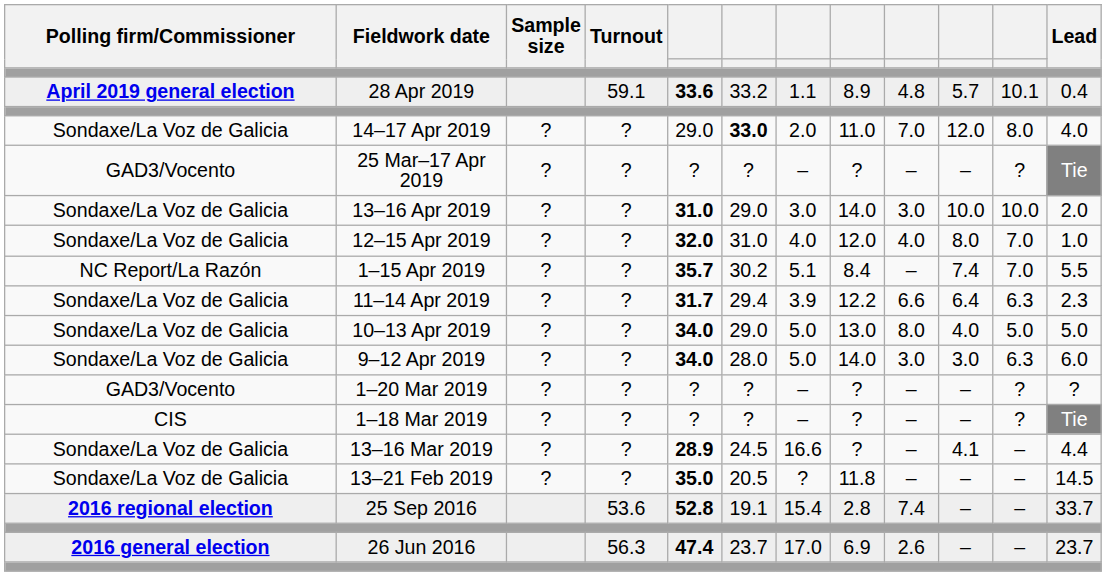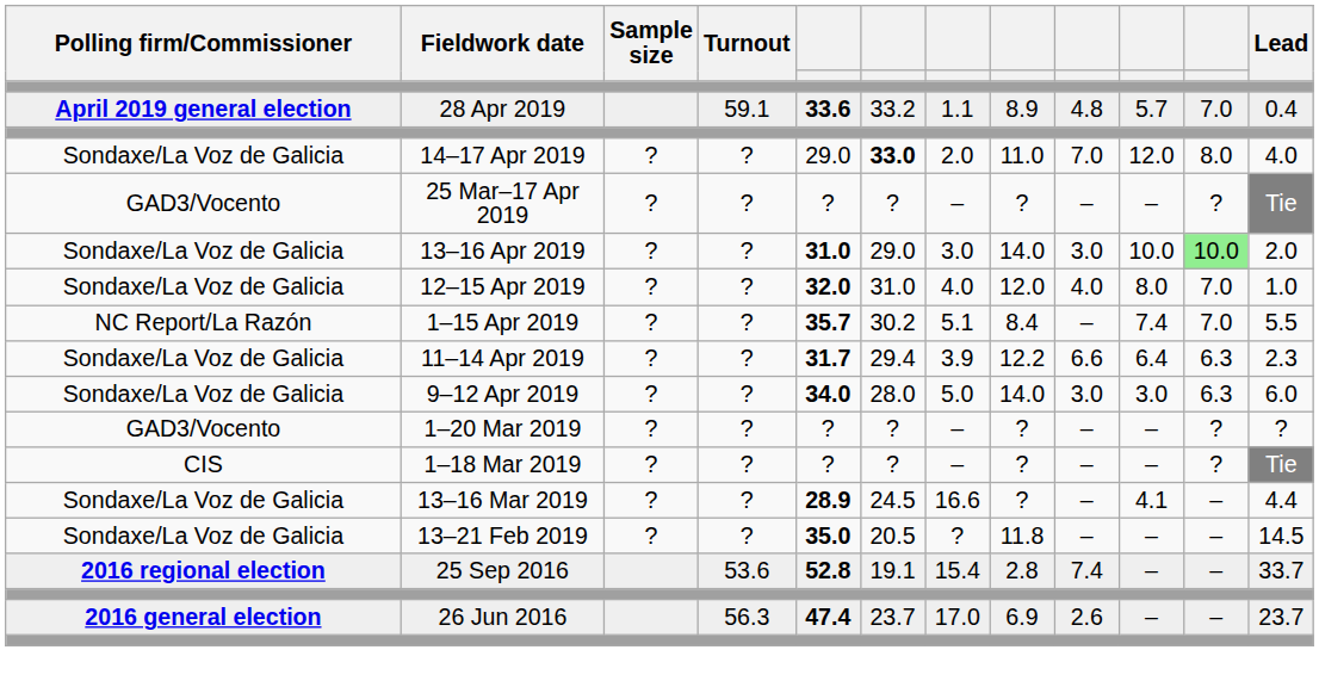 <table class="wikitable collapsible collapsed" style="text-align:center; font-size:95%; line-height:16px;">
 <tr style="height:42px;">
 <th style="width:250px;" rowspan="2">Polling firm/Commissioner</th>
 <th style="width:125px;" rowspan="2">Fieldwork date</th>
 <th style="width:50px;" rowspan="2">Sample size</th>
 <th style="width:45px;" rowspan="2">Turnout</th>
 <th style="width:35px;"></th>
 <th style="width:35px;"></th>
 <th style="width:35px;"></th>
 <th style="width:35px;"></th>
 <th style="width:35px;"></th>
 <th style="width:35px;"></th>
 <th style="width:35px;"></th>
 <th style="width:30px;" rowspan="2">Lead</th>
 </tr>
 <tr>
 <th style="color:inherit;background:"></th>
 <th style="color:inherit;background:"></th>
 <th style="color:inherit;background:"></th>
 <th style="color:inherit;background:"></th>
 <th style="color:inherit;background:"></th>
 <th style="color:inherit;background:"></th>
 <th style="color:inherit;background:"></th>
 </tr>
 <tr>
 <td colspan="12" style="background:#A0A0A0"></td>
 </tr>
 <tr style="background:#EFEFEF;">
 <td><strong><a href='#'>April 2019 general election</a></strong></td>
 <td>28 Apr 2019</td>
 <td></td>
 <td>59.1</td>
 <td><strong>33.6</strong><br></td>
 <td>33.2<br></td>
 <td>1.1<br></td>
 <td>8.9<br></td>
 <td>4.8<br></td>
 <td>5.7<br></td>
-<td>10.1<br></td>
+<td>7.0<br></td>
 <td style="background:">0.4</td>
 </tr>
 <tr>
 <td colspan="12" style="background:#A0A0A0"></td>
 </tr>
 <tr>
 <td>Sondaxe/La Voz de Galicia</td>
 <td>14–17 Apr 2019</td>
 <td>?</td>
 <td>?</td>
 <td>29.0<br></td>
 <td><strong>33.0</strong><br></td>
 <td>2.0<br></td>
 <td>11.0<br></td>
 <td>7.0<br></td>
 <td>12.0<br></td>
 <td>8.0<br></td>
 <td style="background:">4.0</td>
 </tr>
 <tr>
 <td>GAD3/Vocento</td>
 <td>25 Mar–17 Apr 2019</td>
 <td>?</td>
 <td>?</td>
 <td>?<br></td>
 <td>?<br></td>
 <td>–</td>
 <td>?<br></td>
 <td>–</td>
 <td>–</td>
 <td>?<br></td>
 <td style="background:gray;color:white;">Tie</td>
 </tr>
 <tr>
 <td>Sondaxe/La Voz de Galicia</td>
 <td>13–16 Apr 2019</td>
 <td>?</td>
 <td>?</td>
 <td><strong>31.0</strong><br></td>
 <td>29.0<br></td>
 <td>3.0<br></td>
 <td>14.0<br></td>
 <td>3.0<br></td>
 <td>10.0<br></td>
-<td>10.0<br></td>
+<td style="background: lightgreen;">10.0<br></td>
 <td style="background:">2.0</td>
 </tr>
 <tr>
 <td>Sondaxe/La Voz de Galicia</td>
 <td>12–15 Apr 2019</td>
 <td>?</td>
 <td>?</td>
 <td><strong>32.0</strong><br></td>
 <td>31.0<br></td>
 <td>4.0<br></td>
 <td>12.0<br></td>
 <td>4.0<br></td>
 <td>8.0<br></td>
 <td>7.0<br></td>
 <td style="background:">1.0</td>
 </tr>
 <tr>
 <td>NC Report/La Razón</td>
 <td>1–15 Apr 2019</td>
 <td>?</td>
 <td>?</td>
 <td><strong>35.7</strong><br></td>
 <td>30.2<br></td>
 <td>5.1<br></td>
 <td>8.4<br></td>
 <td>–</td>
 <td>7.4<br></td>
 <td>7.0<br></td>
 <td style="background:">5.5</td>
 </tr>
 <tr>
 <td>Sondaxe/La Voz de Galicia</td>
 <td>11–14 Apr 2019</td>
 <td>?</td>
 <td>?</td>
 <td><strong>31.7</strong><br></td>
 <td>29.4<br></td>
 <td>3.9<br></td>
 <td>12.2<br></td>
 <td>6.6<br></td>
 <td>6.4<br></td>
 <td>6.3<br></td>
 <td style="background:">2.3</td>
-</tr>
-<tr>
-<td>Sondaxe/La Voz de Galicia</td>
-<td>10–13 Apr 2019</td>
-<td>?</td>
-<td>?</td>
-<td><strong>34.0</strong><br></td>
-<td>29.0<br></td>
-<td>5.0<br></td>
-<td>13.0<br></td>
-<td>8.0<br></td>
-<td>4.0<br></td>
-<td>5.0<br></td>
-<td style="background:">5.0</td>
 </tr>
 <tr>
 <td>Sondaxe/La Voz de Galicia</td>
 <td>9–12 Apr 2019</td>
 <td>?</td>
 <td>?</td>
 <td><strong>34.0</strong><br></td>
 <td>28.0<br></td>
 <td>5.0<br></td>
 <td>14.0<br></td>
 <td>3.0<br></td>
 <td>3.0<br></td>
 <td>6.3<br></td>
 <td style="background:">6.0</td>
 </tr>
 <tr>
 <td>GAD3/Vocento</td>
 <td>1–20 Mar 2019</td>
 <td>?</td>
 <td>?</td>
 <td>?<br></td>
 <td>?<br></td>
 <td>–</td>
 <td>?<br></td>
 <td>–</td>
 <td>–</td>
 <td>?<br></td>
 <td style="background:">?</td>
 </tr>
 <tr>
 <td>CIS</td>
 <td>1–18 Mar 2019</td>
 <td>?</td>
 <td>?</td>
 <td>?<br></td>
 <td>?<br></td>
 <td>–</td>
 <td>?<br></td>
 <td>–</td>
 <td>–</td>
 <td>?<br></td>
 <td style="background:gray;color:white;">Tie</td>
 </tr>
 <tr>
 <td>Sondaxe/La Voz de Galicia</td>
 <td>13–16 Mar 2019</td>
 <td>?</td>
 <td>?</td>
 <td><strong>28.9</strong><br></td>
 <td>24.5<br></td>
 <td>16.6<br></td>
 <td>?<br></td>
 <td>–</td>
 <td>4.1<br></td>
 <td>–</td>
 <td style="background:">4.4</td>
 </tr>
 <tr>
 <td>Sondaxe/La Voz de Galicia</td>
 <td>13–21 Feb 2019</td>
 <td>?</td>
 <td>?</td>
 <td><strong>35.0</strong><br></td>
 <td>20.5<br></td>
 <td>?<br></td>
 <td>11.8<br></td>
 <td>–</td>
 <td>–</td>
 <td>–</td>
 <td style="background:">14.5</td>
 </tr>
 <tr style="background:#EFEFEF;">
 <td><strong><a href='#'>2016 regional election</a></strong></td>
 <td>25 Sep 2016</td>
 <td></td>
 <td>53.6</td>
 <td><strong>52.8</strong><br></td>
 <td>19.1<br></td>
 <td>15.4<br></td>
 <td>2.8<br></td>
 <td>7.4<br></td>
 <td>–</td>
 <td>–</td>
 <td style="background:">33.7</td>
 </tr>
 <tr>
 <td colspan="12" style="background:#A0A0A0"></td>
 </tr>
 <tr style="background:#EFEFEF;">
 <td><strong><a href='#'>2016 general election</a></strong></td>
 <td>26 Jun 2016</td>
 <td></td>
 <td>56.3</td>
 <td><strong>47.4</strong><br></td>
 <td>23.7<br></td>
 <td>17.0<br></td>
 <td>6.9<br></td>
 <td>2.6<br></td>
 <td>–</td>
 <td>–</td>
 <td style="background:">23.7</td>
 </tr>
 <tr>
 <td colspan="12" style="background:#A0A0A0"></td>
 </tr>
 </table>
